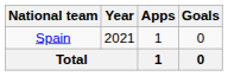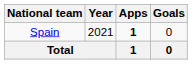 <table class="wikitable" style="text-align: center;">
 <tr>
 <th>National team</th>
 <th>Year</th>
 <th>Apps</th>
 <th>Goals</th>
 </tr>
 <tr>
 <td><a href='#'>Spain</a></td>
 <td>2021</td>
-<td>1</td>
+<td><strong>1</strong></td>
 <td>0</td>
 </tr>
 <tr>
 <th colspan="2">Total</th>
 <th>1</th>
 <th>0</th>
 </tr>
 </table>
